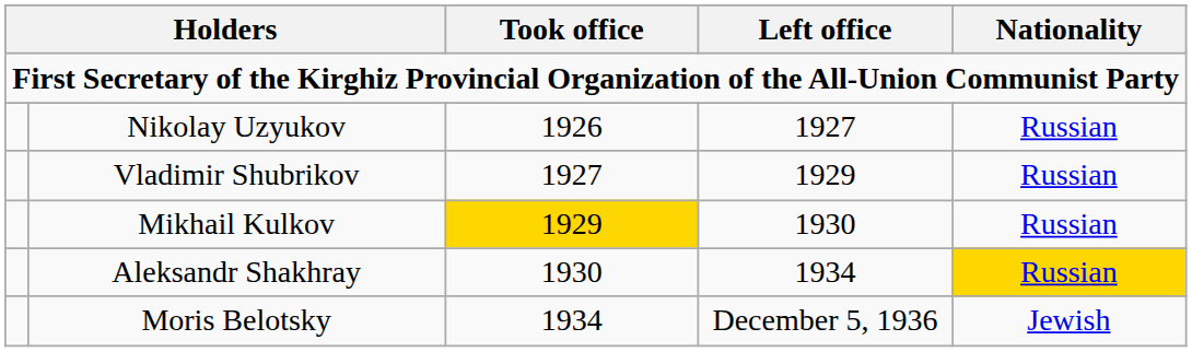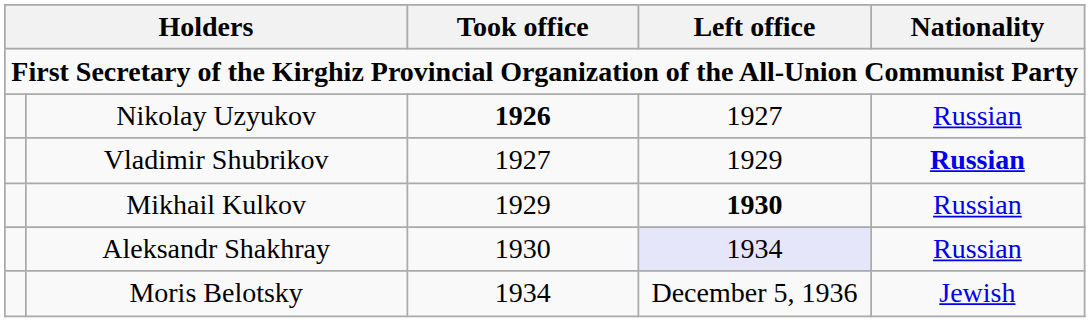 <table class="wikitable" style="text-align:center">
 <tr style="background:#cccccc">
 <th colspan="2" width="150">Holders</th>
 <th rowspan="1" width="125">Took office</th>
 <th rowspan="1" width="125">Left office</th>
 <th>Nationality</th>
 </tr>
 <tr>
 <td colspan="6" align=center><strong>First Secretary of the Kirghiz Provincial Organization of the All-Union Communist Party</strong></td>
 </tr>
 <tr>
 <td rowspan="1" style="background-color: "></td>
 <td rowspan=1>Nikolay Uzyukov<br></td>
-<td rowspan=1>1926<br></td>
+<td rowspan=1><strong>1926<br></strong></td>
 <td rowspan=1>1927<br></td>
 <td rowspan=1><a href='#'>Russian</a><br></td>
 </tr>
 <tr>
 <td rowspan="1" style="background-color: "></td>
 <td rowspan=1>Vladimir Shubrikov<br></td>
 <td rowspan=1>1927<br></td>
 <td rowspan=1>1929<br></td>
-<td rowspan=1><a href='#'>Russian</a><br></td>
+<td rowspan=1><strong><a href='#'>Russian</a><br></strong></td>
 </tr>
 <tr>
 <td rowspan="1" style="background-color: "></td>
 <td rowspan=1>Mikhail Kulkov<br></td>
-<td rowspan=1 style="background: gold;">1929<br></td>
-<td rowspan=1>1930<br></td>
+<td rowspan=1>1929<br></td>
+<td rowspan=1><strong>1930<br></strong></td>
 <td rowspan=1><a href='#'>Russian</a><br></td>
 </tr>
 <tr>
 <td rowspan="1" style="background-color: "></td>
 <td rowspan=1>Aleksandr Shakhray<br></td>
 <td rowspan=1>1930<br></td>
-<td rowspan=1>1934<br></td>
-<td rowspan=1 style="background: gold;"><a href='#'>Russian</a><br></td>
+<td rowspan=1 style="background: lavender;">1934<br></td>
+<td rowspan=1><a href='#'>Russian</a><br></td>
 </tr>
 <tr>
 <td rowspan="1" style="background-color: "></td>
 <td rowspan=1>Moris Belotsky<br></td>
 <td rowspan=1>1934<br></td>
 <td rowspan=1>December 5, 1936<br></td>
 <td rowspan=1><a href='#'>Jewish</a><br></td>
 </tr>
 </table>
